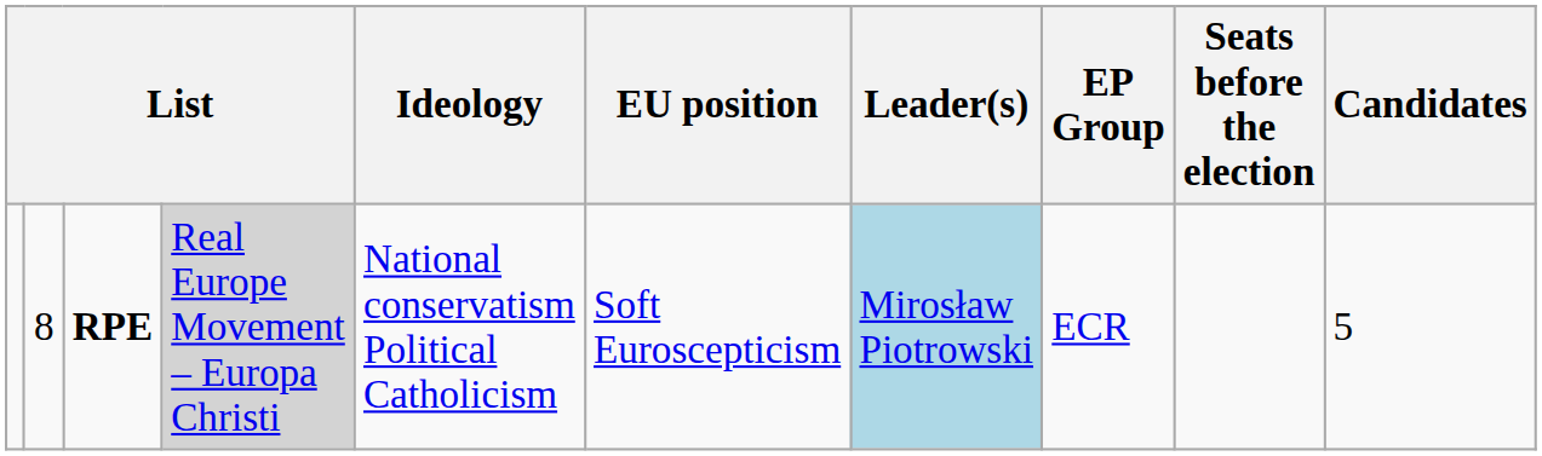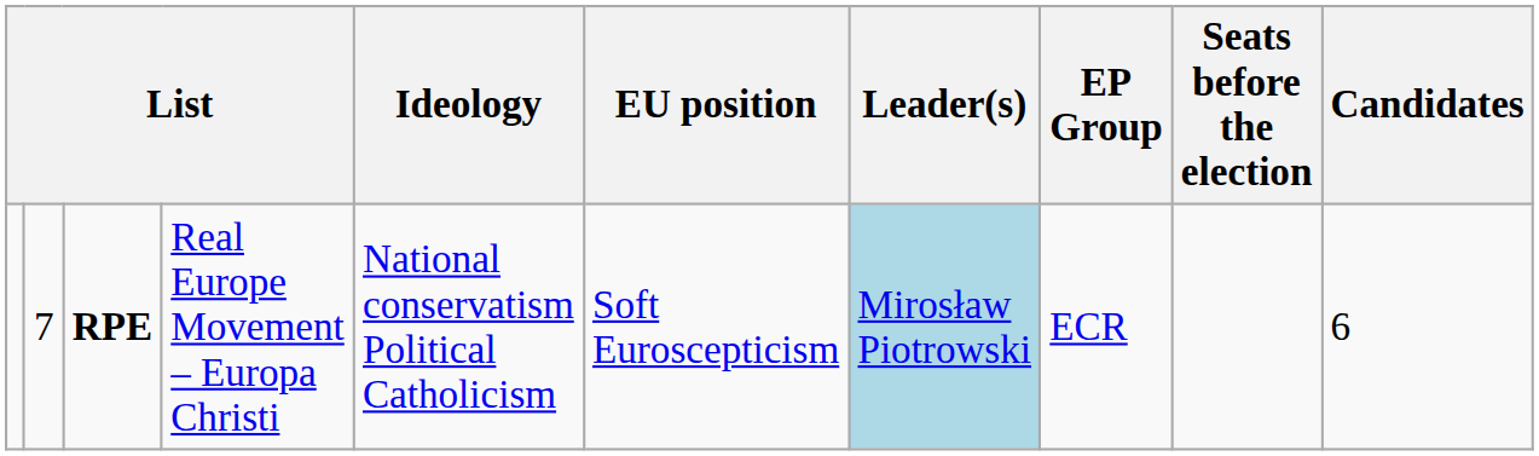 <table class="wikitable mw-collapsible">
 <tr>
 <th colspan="4">List</th>
 <th>Ideology</th>
 <th>EU position</th>
 <th>Leader(s)</th>
 <th>EP Group</th>
 <th>Seats before the election</th>
 <th>Candidates</th>
 </tr>
 <tr>
 <td style="background:"></td>
-<td>8</td>
+<td>7</td>
 <td style="text-align:center;"><strong>RPE</strong></td>
-<td style="background: lightgrey;"><a href='#'>Real Europe Movement – Europa Christi</a><br></td>
+<td><a href='#'>Real Europe Movement – Europa Christi</a><br></td>
 <td><a href='#'>National conservatism</a><br><a href='#'>Political Catholicism</a></td>
 <td><a href='#'>Soft Euroscepticism</a></td>
 <td style="background: lightblue;"><a href='#'>Mirosław Piotrowski</a></td>
 <td><a href='#'>ECR</a></td>
 <td></td>
-<td>5</td>
+<td>6</td>
 </tr>
 </table>
